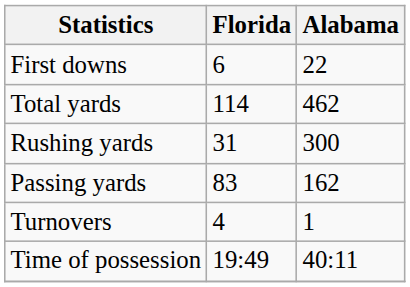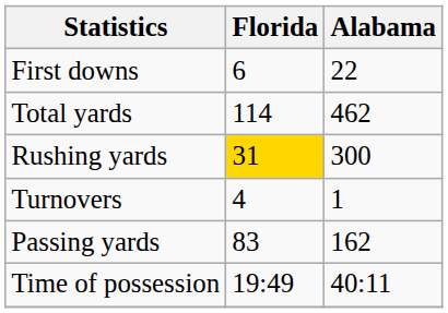 <table class="wikitable" style="float: left;">
 <tr>
 <th>Statistics</th>
 <th>Florida</th>
 <th>Alabama</th>
 </tr>
 <tr>
 <td>First downs</td>
 <td>6</td>
 <td>22</td>
 </tr>
 <tr>
 <td>Total yards</td>
 <td>114</td>
 <td>462</td>
 </tr>
 <tr>
 <td>Rushing yards</td>
-<td>31</td>
+<td style="background: gold;">31</td>
 <td>300</td>
+</tr>
+<tr>
+<td>Turnovers</td>
+<td>4</td>
+<td>1</td>
 </tr>
 <tr>
 <td>Passing yards</td>
 <td>83</td>
 <td>162</td>
-</tr>
-<tr>
-<td>Turnovers</td>
-<td>4</td>
-<td>1</td>
 </tr>
 <tr>
 <td>Time of possession</td>
 <td>19:49</td>
 <td>40:11</td>
 </tr>
 <tr>
 </tr>
 </table>
